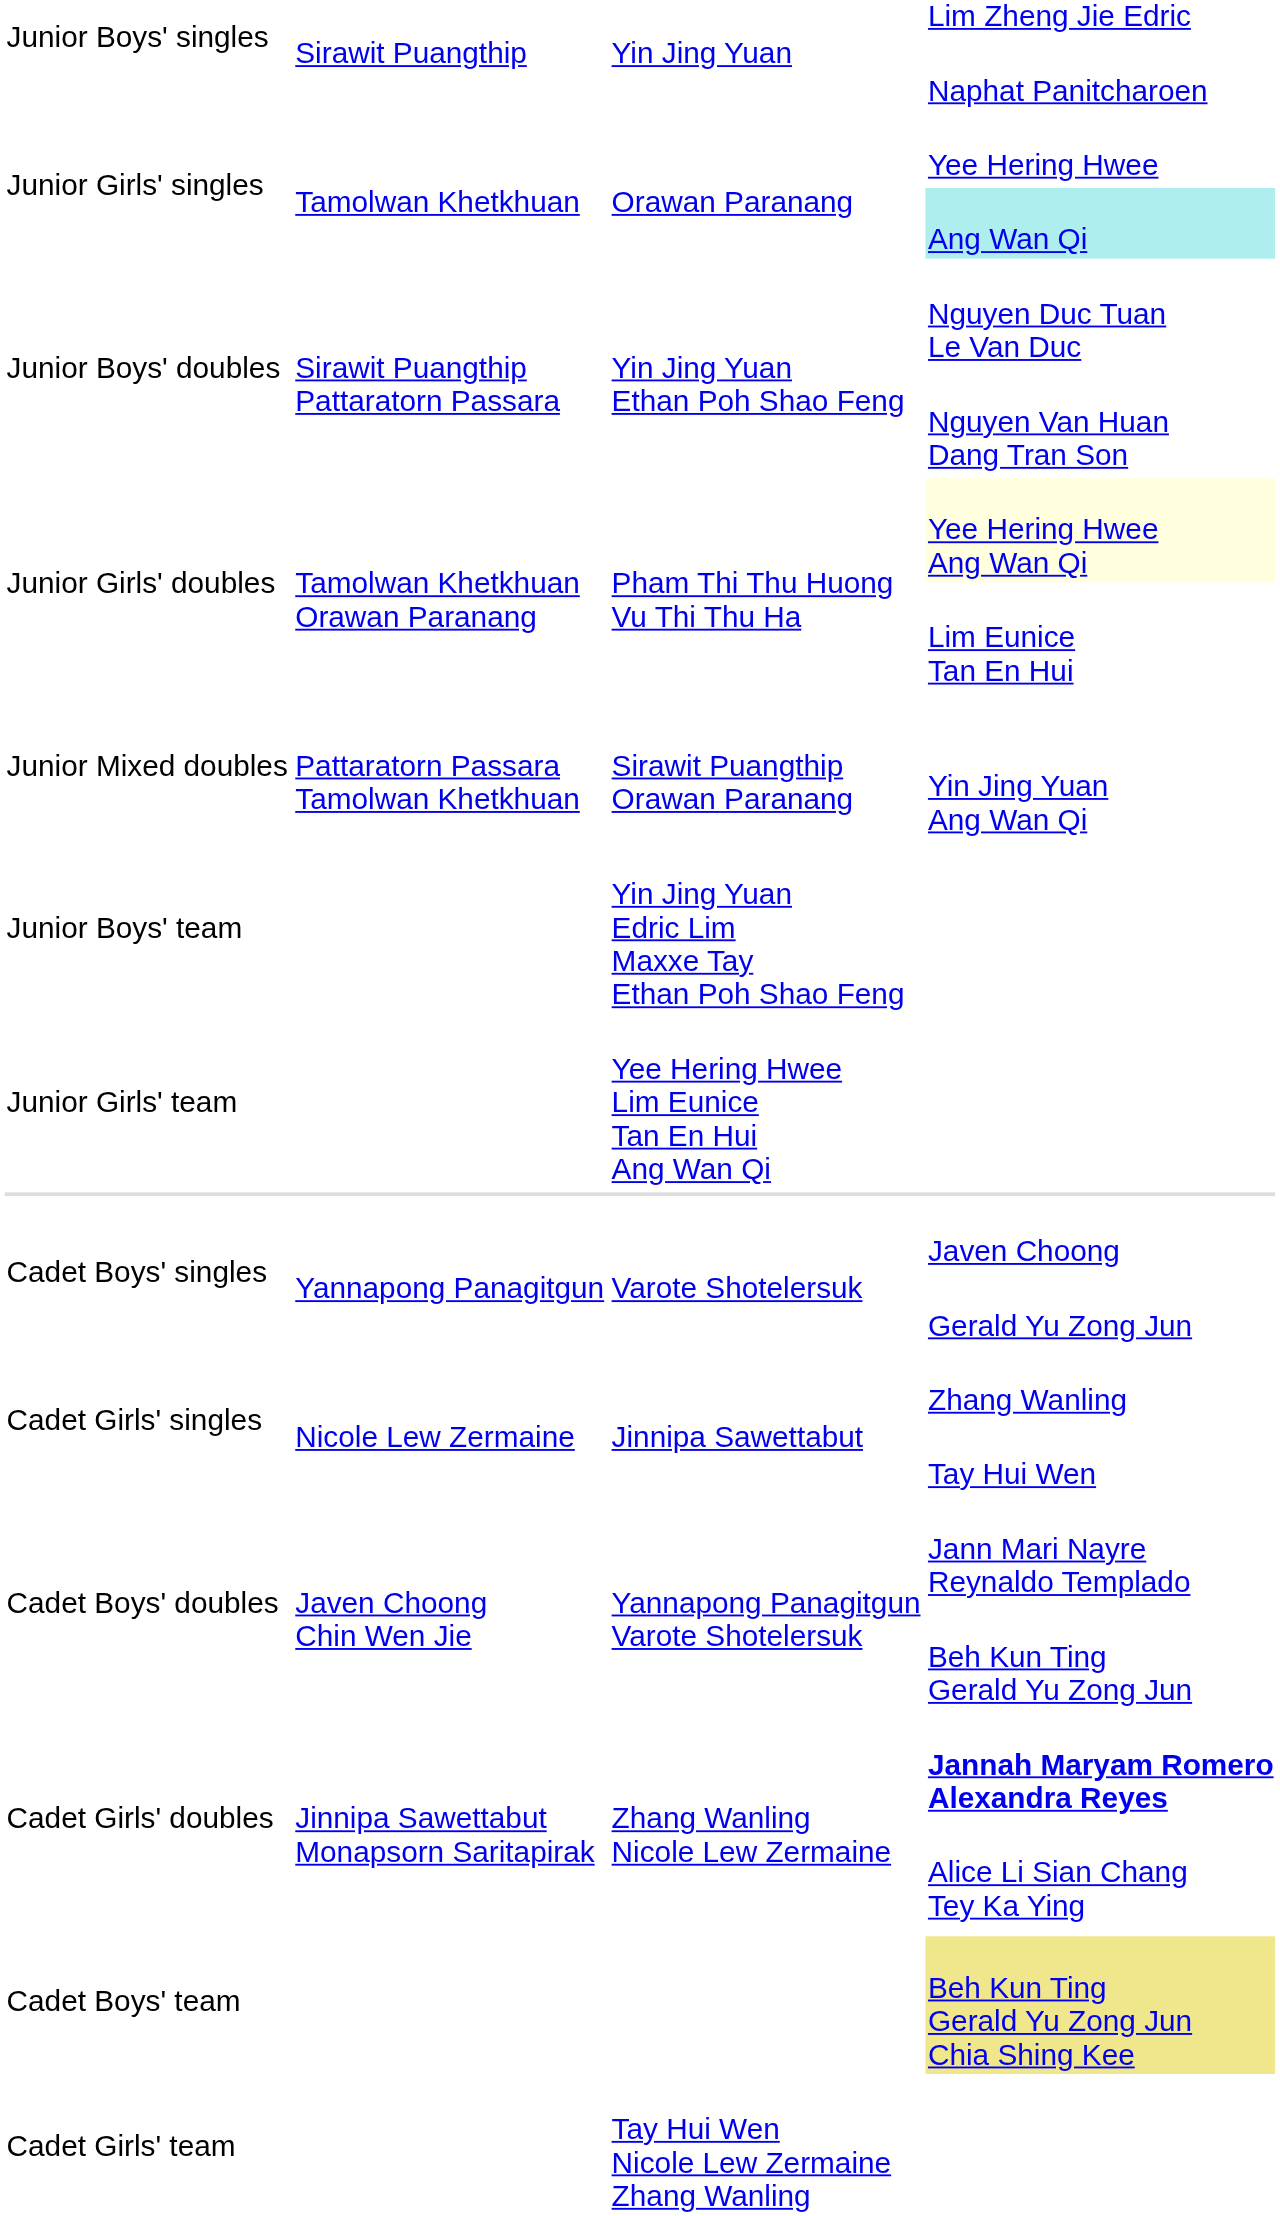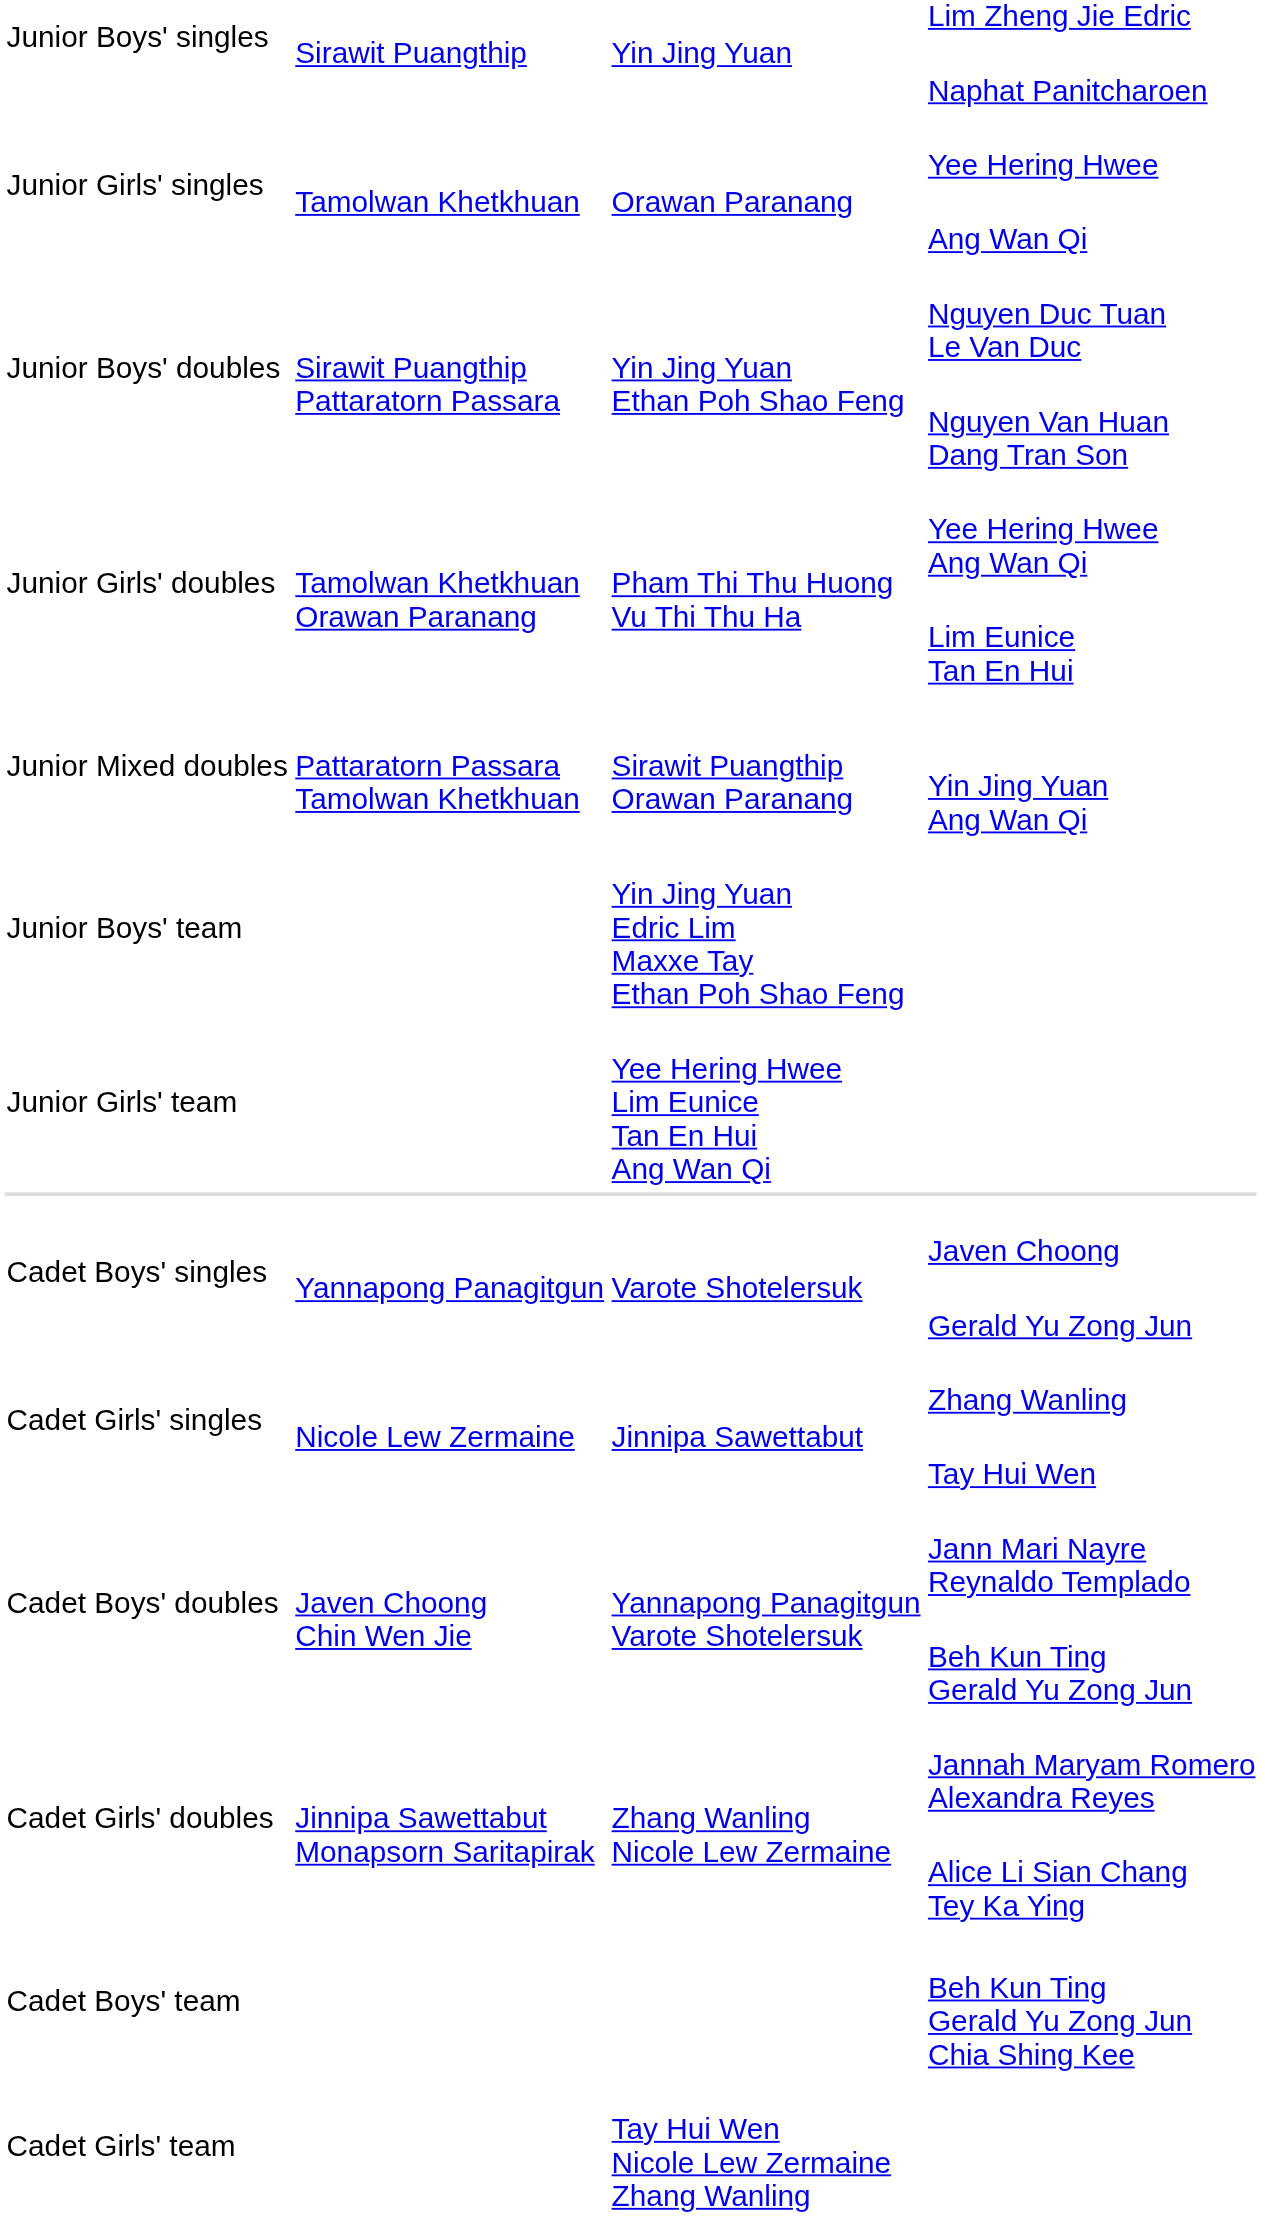 <table>
 <tr>
 <td rowspan=2>Junior Boys' singles</td>
 <td rowspan=2><br><a href='#'>Sirawit Puangthip</a></td>
 <td rowspan=2><br><a href='#'>Yin Jing Yuan</a></td>
 <td><br><a href='#'>Lim Zheng Jie Edric</a></td>
 </tr>
 <tr>
 <td><br><a href='#'>Naphat Panitcharoen</a></td>
 </tr>
 <tr>
 <td rowspan=2>Junior Girls' singles</td>
 <td rowspan=2><br><a href='#'>Tamolwan Khetkhuan</a></td>
 <td rowspan=2><br><a href='#'>Orawan Paranang</a></td>
 <td><br><a href='#'>Yee Hering Hwee</a></td>
 </tr>
 <tr>
-<td style="background: paleturquoise;"><br><a href='#'>Ang Wan Qi</a></td>
+<td><br><a href='#'>Ang Wan Qi</a></td>
 </tr>
 <tr>
 <td rowspan=2>Junior Boys' doubles</td>
 <td rowspan=2><br><a href='#'>Sirawit Puangthip</a><br><a href='#'>Pattaratorn Passara</a></td>
 <td rowspan=2><br><a href='#'>Yin Jing Yuan</a><br><a href='#'>Ethan Poh Shao Feng</a></td>
 <td><br><a href='#'>Nguyen Duc Tuan</a><br><a href='#'>Le Van Duc</a></td>
 </tr>
 <tr>
 <td><br><a href='#'>Nguyen Van Huan</a><br><a href='#'>Dang Tran Son</a></td>
 </tr>
 <tr>
 <td rowspan=2>Junior Girls' doubles</td>
 <td rowspan=2><br><a href='#'>Tamolwan Khetkhuan</a><br><a href='#'>Orawan Paranang</a></td>
 <td rowspan=2><br><a href='#'>Pham Thi Thu Huong</a><br><a href='#'>Vu Thi Thu Ha</a></td>
-<td style="background: lightyellow;"><br><a href='#'>Yee Hering Hwee</a><br><a href='#'>Ang Wan Qi</a></td>
+<td><br><a href='#'>Yee Hering Hwee</a><br><a href='#'>Ang Wan Qi</a></td>
 </tr>
 <tr>
 <td><br><a href='#'>Lim Eunice</a><br><a href='#'>Tan En Hui</a></td>
 </tr>
 <tr>
 <td rowspan=2>Junior Mixed doubles</td>
 <td rowspan=2><br><a href='#'>Pattaratorn Passara</a><br><a href='#'>Tamolwan Khetkhuan</a></td>
 <td rowspan=2><br><a href='#'>Sirawit Puangthip</a><br><a href='#'>Orawan Paranang</a></td>
 <td> <br></td>
 </tr>
 <tr>
 <td><br><a href='#'>Yin Jing Yuan</a><br><a href='#'>Ang Wan Qi</a></td>
 </tr>
 <tr>
 <td rowspan=2>Junior Boys' team</td>
 <td rowspan=2></td>
 <td rowspan=2><br><a href='#'>Yin Jing Yuan</a><br><a href='#'>Edric Lim</a><br><a href='#'>Maxxe Tay</a><br><a href='#'>Ethan Poh Shao Feng</a></td>
 <td></td>
 </tr>
 <tr>
 <td></td>
 </tr>
 <tr>
 <td rowspan=2>Junior Girls' team</td>
 <td rowspan=2></td>
 <td rowspan=2><br><a href='#'>Yee Hering Hwee</a><br><a href='#'>Lim Eunice</a><br><a href='#'>Tan En Hui</a><br><a href='#'>Ang Wan Qi</a></td>
 <td></td>
 </tr>
 <tr>
 <td></td>
 </tr>
 <tr style="background:#dddddd;">
 <td colspan=7></td>
 </tr>
 <tr>
 <td rowspan=2>Cadet Boys' singles</td>
 <td rowspan=2><br><a href='#'>Yannapong Panagitgun</a></td>
 <td rowspan=2><br><a href='#'>Varote Shotelersuk</a></td>
 <td><br><a href='#'>Javen Choong</a></td>
 </tr>
 <tr>
 <td><br><a href='#'>Gerald Yu Zong Jun</a></td>
 </tr>
 <tr>
 <td rowspan=2>Cadet Girls' singles</td>
 <td rowspan=2><br><a href='#'>Nicole Lew Zermaine</a></td>
 <td rowspan=2><br><a href='#'>Jinnipa Sawettabut</a></td>
 <td><br><a href='#'>Zhang Wanling</a></td>
 </tr>
 <tr>
 <td><br><a href='#'>Tay Hui Wen</a></td>
 </tr>
 <tr>
 <td rowspan=2>Cadet Boys' doubles</td>
 <td rowspan=2><br><a href='#'>Javen Choong</a><br><a href='#'>Chin Wen Jie</a></td>
 <td rowspan=2><br><a href='#'>Yannapong Panagitgun</a><br><a href='#'>Varote Shotelersuk</a></td>
 <td><br><a href='#'>Jann Mari Nayre</a><br><a href='#'>Reynaldo Templado</a></td>
 </tr>
 <tr>
 <td><br><a href='#'>Beh Kun Ting</a><br><a href='#'>Gerald Yu Zong Jun</a></td>
 </tr>
 <tr>
 <td rowspan=2>Cadet Girls' doubles</td>
 <td rowspan=2><br><a href='#'>Jinnipa Sawettabut</a><br><a href='#'>Monapsorn Saritapirak</a></td>
 <td rowspan=2><br><a href='#'>Zhang Wanling</a><br><a href='#'>Nicole Lew Zermaine</a></td>
-<td><strong><br><a href='#'>Jannah Maryam Romero</a><br><a href='#'>Alexandra Reyes</a></strong></td>
+<td><br><a href='#'>Jannah Maryam Romero</a><br><a href='#'>Alexandra Reyes</a></td>
 </tr>
 <tr>
 <td><br><a href='#'>Alice Li Sian Chang</a><br><a href='#'>Tey Ka Ying</a></td>
 </tr>
 <tr>
 <td rowspan=2>Cadet Boys' team</td>
 <td rowspan=2></td>
 <td rowspan=2></td>
 <td></td>
 </tr>
 <tr>
-<td style="background: khaki;"><br><a href='#'>Beh Kun Ting</a><br><a href='#'>Gerald Yu Zong Jun</a><br><a href='#'>Chia Shing Kee</a></td>
+<td><br><a href='#'>Beh Kun Ting</a><br><a href='#'>Gerald Yu Zong Jun</a><br><a href='#'>Chia Shing Kee</a></td>
 </tr>
 <tr>
 <td rowspan=2>Cadet Girls' team</td>
 <td rowspan=2></td>
 <td rowspan=2><br><a href='#'>Tay Hui Wen</a><br><a href='#'>Nicole Lew Zermaine</a><br><a href='#'>Zhang Wanling</a></td>
 <td></td>
 </tr>
 <tr>
 <td></td>
 </tr>
 </table>
